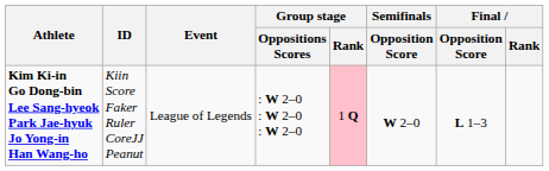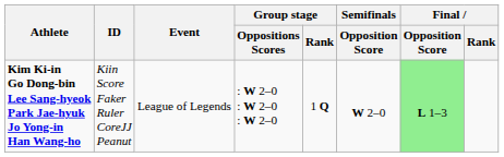 <table class=wikitable style="font-size:90%; text-align:center;">
 <tr>
 <th rowspan=2>Athlete</th>
 <th rowspan=2>ID</th>
 <th rowspan=2>Event</th>
 <th colspan=2>Group stage</th>
 <th>Semifinals</th>
 <th colspan=2>Final / </th>
 </tr>
 <tr>
 <th>Oppositions<br>Scores</th>
 <th>Rank</th>
 <th>Opposition<br>Score</th>
 <th>Opposition<br>Score</th>
 <th>Rank</th>
 </tr>
 <tr>
 <td align=left><strong>Kim Ki-in<br>Go Dong-bin<br><a href='#'>Lee Sang-hyeok</a><br><a href='#'>Park Jae-hyuk</a><br><a href='#'>Jo Yong-in</a><br><a href='#'>Han Wang-ho</a></strong></td>
 <td align=left><em>Kiin<br>Score<br>Faker<br>Ruler<br>CoreJJ<br>Peanut</em></td>
 <td align=left>League of Legends</td>
 <td align=left>: <strong>W</strong> 2–0<br>: <strong>W</strong> 2–0<br>: <strong>W</strong> 2–0</td>
-<td style="background: pink;">1 <strong>Q</strong></td>
+<td>1 <strong>Q</strong></td>
 <td><br><strong>W</strong> 2–0</td>
-<td><br><strong>L</strong> 1–3</td>
+<td style="background: lightgreen;"><br><strong>L</strong> 1–3</td>
 <td></td>
 </tr>
 </table>
